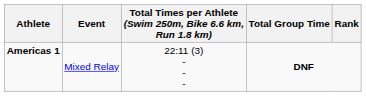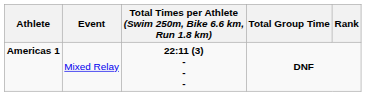 <table class="wikitable" style="font-size:90%;">
 <tr>
 <th>Athlete</th>
 <th>Event</th>
 <th>Total Times per Athlete <br> <em>(Swim 250m, Bike 6.6 km, <br> Run 1.8 km)</em></th>
 <th>Total Group Time</th>
 <th>Rank</th>
 </tr>
 <tr align=center>
 <td align=left><strong>Americas 1</strong><br><br><br><br></td>
 <td align=left><a href='#'>Mixed Relay</a></td>
-<td valign=bottom>22:11 (3)<br>-<br>-<br>-</td>
+<td valign=bottom><strong>22:11 (3)<br>-<br>-<br>-</strong></td>
 <td colspan=2><strong>DNF</strong></td>
 </tr>
 </table>
